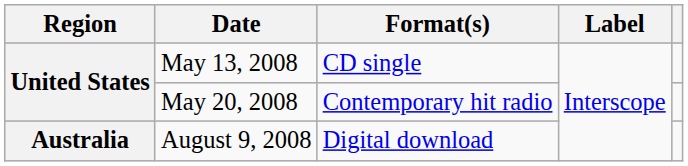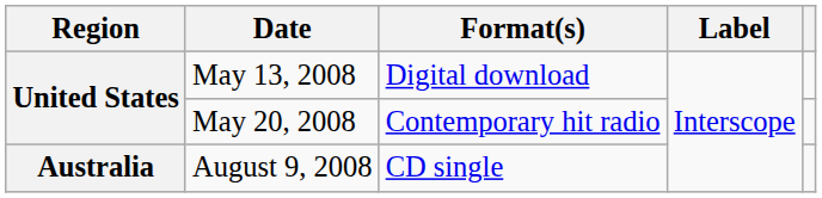 <table class="wikitable plainrowheaders">
 <tr>
 <th scope="col">Region</th>
 <th scope="col">Date</th>
 <th scope="col">Format(s)</th>
 <th scope="col">Label</th>
 <th scope="col"></th>
 </tr>
 <tr>
 <th scope="row" rowspan="2">United States</th>
 <td>May 13, 2008</td>
-<td><a href='#'>CD single</a></td>
+<td><a href='#'>Digital download</a></td>
 <td rowspan="3"><a href='#'>Interscope</a></td>
 <td></td>
 </tr>
 <tr>
 <td>May 20, 2008</td>
 <td><a href='#'>Contemporary hit radio</a></td>
 <td></td>
 </tr>
 <tr>
 <th scope="row">Australia</th>
 <td>August 9, 2008</td>
-<td><a href='#'>Digital download</a></td>
+<td><a href='#'>CD single</a></td>
 <td></td>
 </tr>
 </table>
